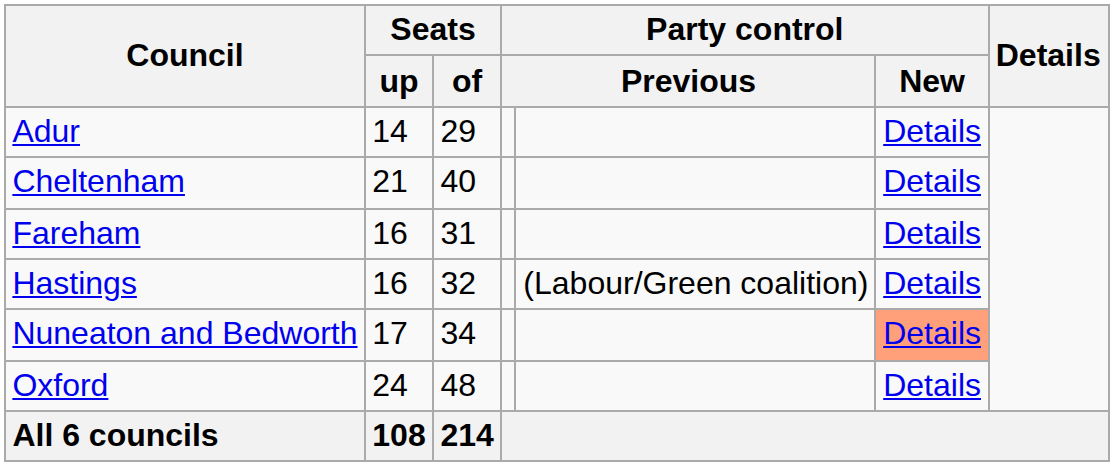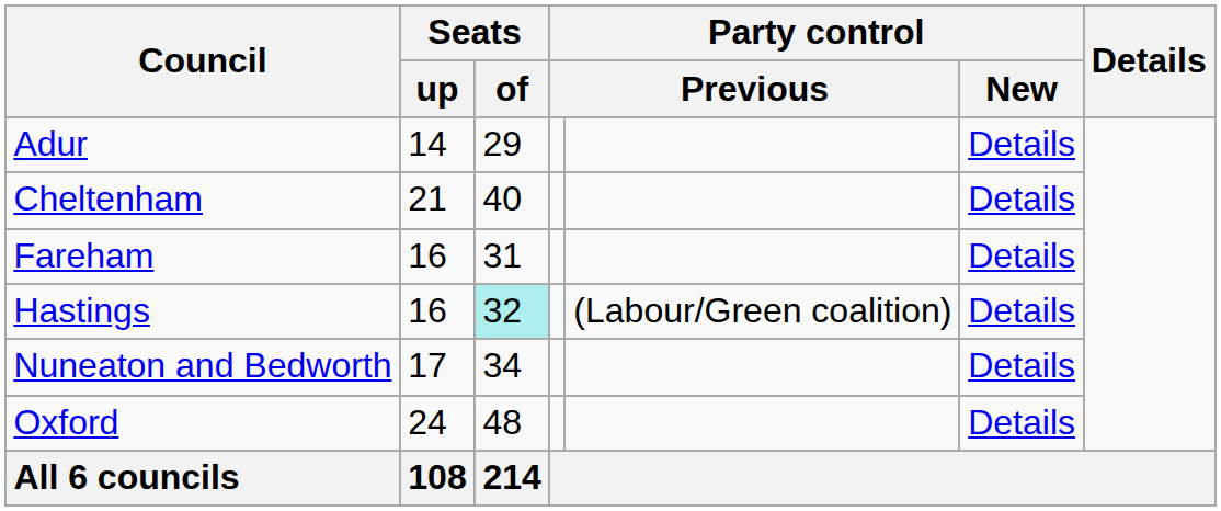 <table class="wikitable sortable">
 <tr>
 <th rowspan="2">Council</th>
 <th colspan="2">Seats</th>
 <th colspan="4">Party control</th>
 <th rowspan="2">Details</th>
 </tr>
 <tr>
 <th>up</th>
 <th>of</th>
 <th colspan="2">Previous</th>
 <th colspan="2">New</th>
 </tr>
 <tr>
 <td><a href='#'>Adur</a></td>
 <td>14</td>
 <td>29</td>
 <td></td>
 <td></td>
 <td><a href='#'>Details</a></td>
 </tr>
 <tr>
 <td><a href='#'>Cheltenham</a></td>
 <td>21</td>
 <td>40</td>
 <td></td>
 <td></td>
 <td><a href='#'>Details</a></td>
 </tr>
 <tr>
 <td><a href='#'>Fareham</a></td>
 <td>16</td>
 <td>31</td>
 <td></td>
 <td></td>
 <td><a href='#'>Details</a></td>
 </tr>
 <tr>
 <td><a href='#'>Hastings</a></td>
 <td>16</td>
-<td>32</td>
+<td style="background: paleturquoise;">32</td>
 <td></td>
 <td> (Labour/Green coalition)</td>
 <td><a href='#'>Details</a></td>
 </tr>
 <tr>
 <td><a href='#'>Nuneaton and Bedworth</a></td>
 <td>17</td>
 <td>34</td>
 <td></td>
 <td></td>
-<td style="background: lightsalmon;"><a href='#'>Details</a></td>
+<td><a href='#'>Details</a></td>
 </tr>
 <tr>
 <td><a href='#'>Oxford</a></td>
 <td>24</td>
 <td>48</td>
 <td></td>
 <td></td>
 <td><a href='#'>Details</a></td>
 </tr>
 <tr class="sortbottom">
 <th style="text-align:left;">All 6 councils</th>
 <th>108</th>
 <th>214</th>
 <th colspan="5"></th>
 </tr>
 </table>
